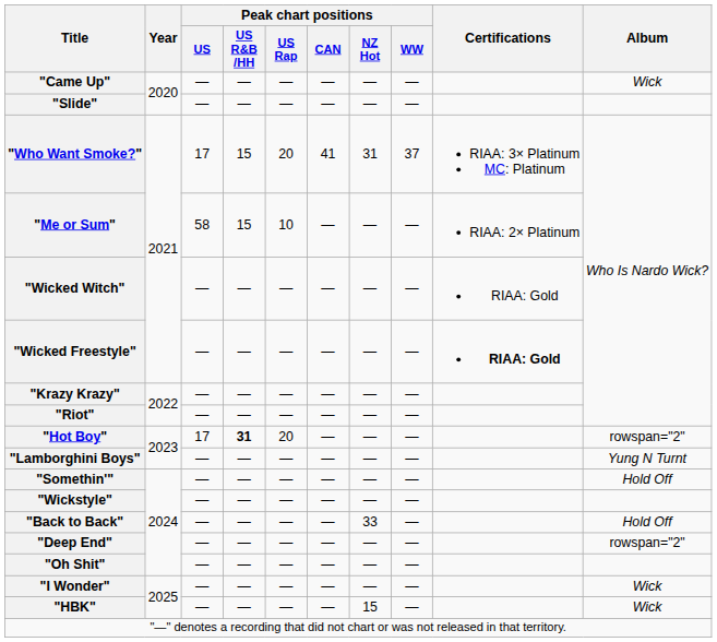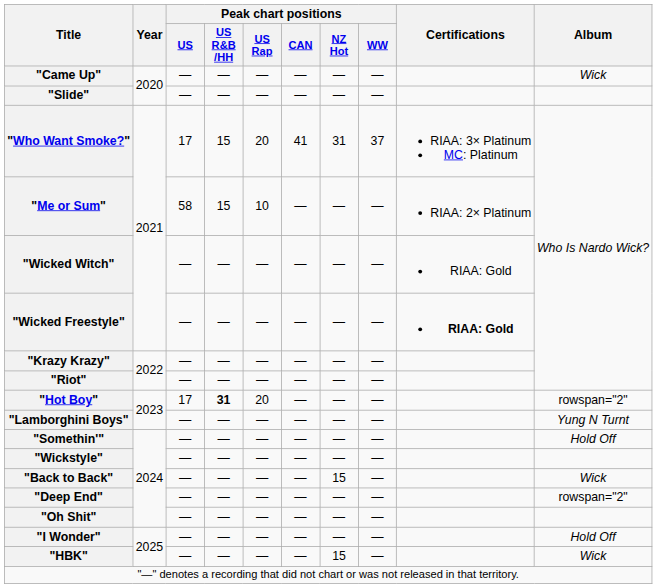 <table class="wikitable plainrowheaders" style="text-align:center;">
 <tr>
 <th scope="col" rowspan="2">Title</th>
 <th scope="col" rowspan="2">Year</th>
 <th scope="col" colspan="6">Peak chart positions</th>
 <th scope="col" rowspan="2">Certifications</th>
 <th scope="col" rowspan="2">Album</th>
 </tr>
 <tr>
 <th scope="col" style="width:3em;font-size:90%;"><a href='#'>US</a><br></th>
 <th scope="col" style="width:3em;font-size:90%;"><a href='#'>US<br>R&B<br>/HH</a><br></th>
 <th scope="col" style="width:3em;font-size:90%;"><a href='#'>US<br>Rap</a><br></th>
 <th scope="col" style="width:3em;font-size:90%;"><a href='#'>CAN</a><br></th>
 <th scope="col" style="width:3em;font-size:90%;"><a href='#'>NZ<br>Hot</a><br></th>
 <th scope="col" style="width:3em;font-size:90%;"><a href='#'>WW</a><br></th>
 </tr>
 <tr>
 <th scope="row">"Came Up"</th>
 <td rowspan="2">2020</td>
 <td>—</td>
 <td>—</td>
 <td>—</td>
 <td>—</td>
 <td>—</td>
 <td>—</td>
 <td></td>
 <td><em>Wick</em></td>
 </tr>
 <tr>
 <th scope="row">"Slide"</th>
 <td>—</td>
 <td>—</td>
 <td>—</td>
 <td>—</td>
 <td>—</td>
 <td>—</td>
 <td></td>
 </tr>
 <tr>
 <th scope="row">"<a href='#'>Who Want Smoke?</a>"<br></th>
 <td rowspan="4">2021</td>
 <td>17</td>
 <td>15</td>
 <td>20</td>
 <td>41</td>
 <td>31</td>
 <td>37</td>
 <td><br><ul><li>RIAA: 3× Platinum</li><li><a href='#'>MC</a>: Platinum</li></ul></td>
 <td rowspan="6"><em>Who Is Nardo Wick?</em></td>
 </tr>
 <tr>
 <th scope="row">"<a href='#'>Me or Sum</a>"<br></th>
 <td>58</td>
 <td>15</td>
 <td>10</td>
 <td>—</td>
 <td>—</td>
 <td>—</td>
 <td><br><ul><li>RIAA: 2× Platinum</li></ul></td>
 </tr>
 <tr>
 <th scope="row">"Wicked Witch"</th>
 <td>—</td>
 <td>—</td>
 <td>—</td>
 <td>—</td>
 <td>—</td>
 <td>—</td>
 <td><br><ul><li>RIAA: Gold</li></ul></td>
 </tr>
 <tr>
 <th scope="row">"Wicked Freestyle"</th>
 <td>—</td>
 <td>—</td>
 <td>—</td>
 <td>—</td>
 <td>—</td>
 <td>—</td>
 <td><strong><br><ul><li>RIAA: Gold</li></ul></strong></td>
 </tr>
 <tr>
 <th scope="row">"Krazy Krazy"</th>
 <td rowspan="2">2022</td>
 <td>—</td>
 <td>—</td>
 <td>—</td>
 <td>—</td>
 <td>—</td>
 <td>—</td>
 <td></td>
 </tr>
 <tr>
 <th scope="row">"Riot"</th>
 <td>—</td>
 <td>—</td>
 <td>—</td>
 <td>—</td>
 <td>—</td>
 <td>—</td>
 <td></td>
 </tr>
 <tr>
 <th scope="row">"<a href='#'>Hot Boy</a>"<br></th>
 <td rowspan="2">2023</td>
 <td>17</td>
 <td><strong>31</strong></td>
 <td>20</td>
 <td>—</td>
 <td>—</td>
 <td>—</td>
 <td></td>
 <td>rowspan="2" </td>
 </tr>
 <tr>
 <th scope="row">"Lamborghini Boys"<br></th>
 <td>—</td>
 <td>—</td>
 <td>—</td>
 <td>—</td>
 <td>—</td>
 <td>—</td>
 <td></td>
 <td><em>Yung N Turnt</em></td>
 </tr>
 <tr>
 <th scope="row">"Somethin'"<br></th>
 <td rowspan="5">2024</td>
 <td>—</td>
 <td>—</td>
 <td>—</td>
 <td>—</td>
 <td>—</td>
 <td>—</td>
 <td></td>
 <td><em>Hold Off</em></td>
 </tr>
 <tr>
 <th scope="row">"Wickstyle"</th>
 <td>—</td>
 <td>—</td>
 <td>—</td>
 <td>—</td>
 <td>—</td>
 <td>—</td>
 <td></td>
 <td></td>
 </tr>
 <tr>
 <th scope="row">"Back to Back"<br></th>
 <td>—</td>
 <td>—</td>
 <td>—</td>
 <td>—</td>
-<td>33</td>
+<td>15</td>
 <td>—</td>
 <td></td>
-<td><em>Hold Off</em></td>
+<td><em>Wick</em></td>
 </tr>
 <tr>
 <th scope="row">"Deep End"</th>
 <td>—</td>
 <td>—</td>
 <td>—</td>
 <td>—</td>
 <td>—</td>
 <td>—</td>
 <td></td>
 <td>rowspan="2" </td>
 </tr>
 <tr>
 <th scope="row">"Oh Shit"<br></th>
 <td>—</td>
 <td>—</td>
 <td>—</td>
 <td>—</td>
 <td>—</td>
 <td>—</td>
 <td></td>
 </tr>
 <tr>
 <th scope="row">"I Wonder"</th>
 <td rowspan="2">2025</td>
 <td>—</td>
 <td>—</td>
 <td>—</td>
 <td>—</td>
 <td>—</td>
 <td>—</td>
 <td></td>
-<td><em>Wick</em></td>
+<td><em>Hold Off</em></td>
 </tr>
 <tr>
 <th scope="row">"HBK"<br></th>
 <td>—</td>
 <td>—</td>
 <td>—</td>
 <td>—</td>
 <td>15</td>
 <td>—</td>
 <td></td>
 <td><em>Wick</em></td>
 </tr>
 <tr>
 <td colspan="13" style="font-size:90%">"—" denotes a recording that did not chart or was not released in that territory.</td>
 </tr>
 </table>
